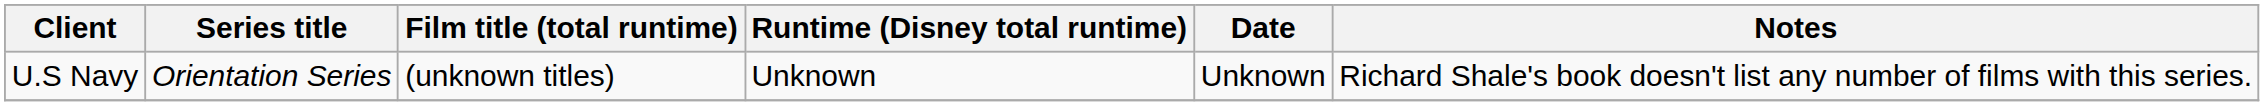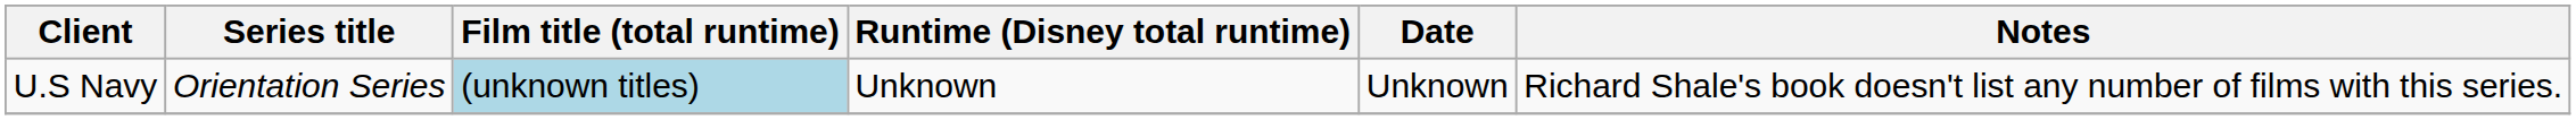 <table class="wikitable sortable">
 <tr>
 <th>Client</th>
 <th>Series title</th>
 <th>Film title (total runtime)</th>
 <th>Runtime (Disney total runtime)</th>
 <th>Date</th>
 <th>Notes</th>
 </tr>
 <tr>
 <td>U.S Navy</td>
 <td><em>Orientation Series</em></td>
-<td>(unknown titles)</td>
+<td style="background: lightblue;">(unknown titles)</td>
 <td>Unknown</td>
 <td>Unknown</td>
 <td>Richard Shale's book doesn't list any number of films with this series.</td>
 </tr>
 <tr>
 </tr>
 </table>
